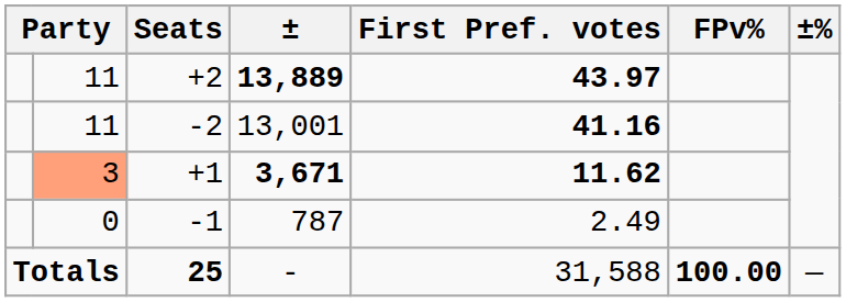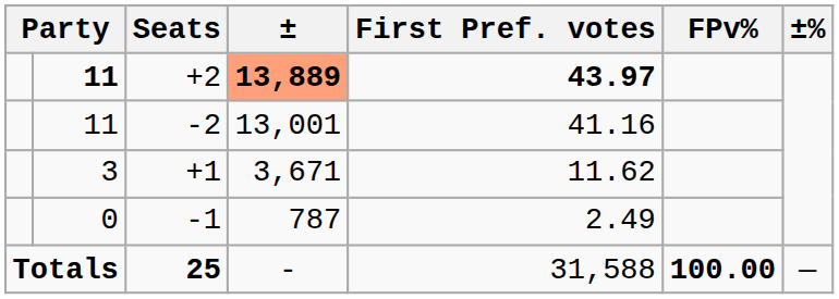 <table class=wikitable>
 <tr>
 <th colspan=2 align=center>Party</th>
 <th valign=top>Seats</th>
 <th valign=top>±</th>
 <th valign=top>First Pref. votes</th>
 <th valign=top>FPv%</th>
 <th valign=top>±%</th>
 </tr>
 <tr>
 <td></td>
-<td align=right>11</td>
+<td align=right><strong>11</strong></td>
 <td align=right>+2</td>
-<td align=right><strong>13,889</strong></td>
+<td align=right style="background: lightsalmon;"><strong>13,889</strong></td>
 <td align=right><strong>43.97</strong></td>
 <td align=right></td>
 </tr>
 <tr>
 <td></td>
 <td align=right>11</td>
 <td align=right>-2</td>
 <td align=right>13,001</td>
-<td align=right><strong>41.16</strong></td>
+<td align=right>41.16</td>
 <td align=right></td>
 </tr>
 <tr>
 <td></td>
-<td align=right style="background: lightsalmon;">3</td>
+<td align=right>3</td>
 <td align=right>+1</td>
-<td align=right><strong>3,671</strong></td>
-<td align=right><strong>11.62</strong></td>
+<td align=right>3,671</td>
+<td align=right>11.62</td>
 <td align=right></td>
 </tr>
 <tr>
 <td></td>
 <td align=right>0</td>
 <td align=right>-1</td>
 <td align=right>787</td>
 <td align=right>2.49</td>
 <td align=right></td>
 </tr>
 <tr>
 <td colspan=2 align=center><strong>Totals</strong></td>
 <td align=right><strong>25</strong></td>
 <td align=center>-</td>
 <td align=right>31,588</td>
 <td align=center><strong>100.00</strong></td>
 <td align=center>—</td>
 </tr>
 </table>
